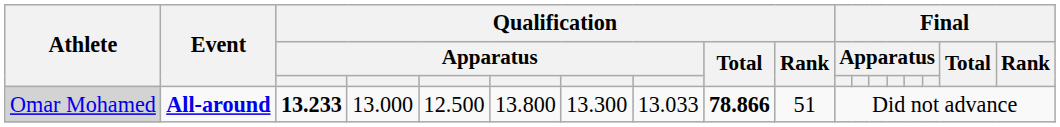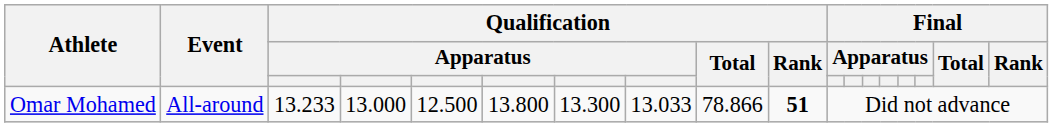 <table class="wikitable" style="font-size:90%">
 <tr>
 <th rowspan=3>Athlete</th>
 <th rowspan=3>Event</th>
 <th colspan =8>Qualification</th>
 <th colspan =8>Final</th>
 </tr>
 <tr style="font-size:95%">
 <th colspan=6>Apparatus</th>
 <th rowspan=2>Total</th>
 <th rowspan=2>Rank</th>
 <th colspan=6>Apparatus</th>
 <th rowspan=2>Total</th>
 <th rowspan=2>Rank</th>
 </tr>
 <tr style="font-size:95%">
 <th></th>
 <th></th>
 <th></th>
 <th></th>
 <th></th>
 <th></th>
 <th></th>
 <th></th>
 <th></th>
 <th></th>
 <th></th>
 <th></th>
 </tr>
 <tr align=center>
-<td align=left style="background: lightgrey;"><a href='#'>Omar Mohamed</a></td>
-<td align="left"><strong><a href='#'>All-around</a></strong></td>
-<td><strong>13.233</strong></td>
+<td align=left><a href='#'>Omar Mohamed</a></td>
+<td align="left"><a href='#'>All-around</a></td>
+<td>13.233</td>
 <td>13.000</td>
 <td>12.500</td>
 <td>13.800</td>
 <td>13.300</td>
 <td>13.033</td>
-<td><strong>78.866</strong></td>
-<td>51</td>
+<td>78.866</td>
+<td><strong>51</strong></td>
 <td colspan="8">Did not advance</td>
 </tr>
 </table>
